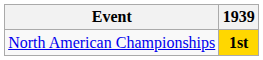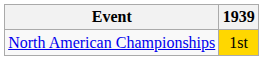 <table class="wikitable">
 <tr>
 <th>Event</th>
 <th>1939</th>
 </tr>
 <tr>
 <td><a href='#'>North American Championships</a></td>
-<td align="center" bgcolor="gold"><strong>1st</strong></td>
+<td align="center" bgcolor="gold">1st</td>
 </tr>
 <tr>
 </tr>
 </table>
